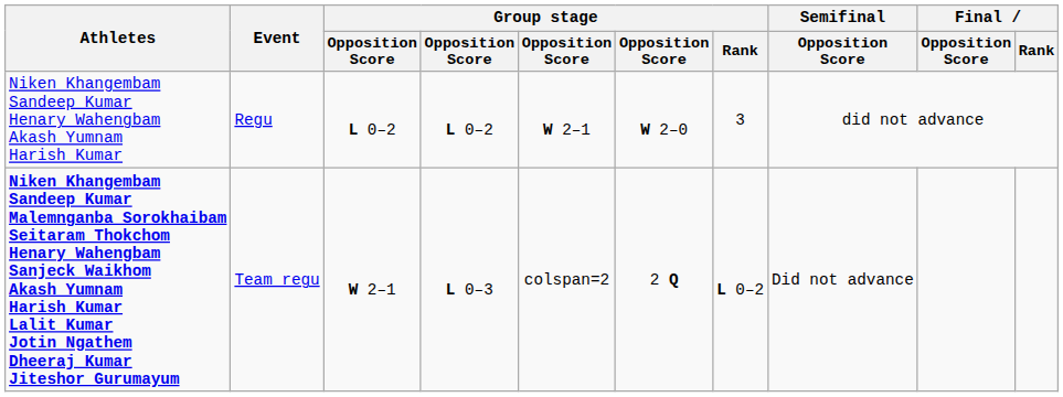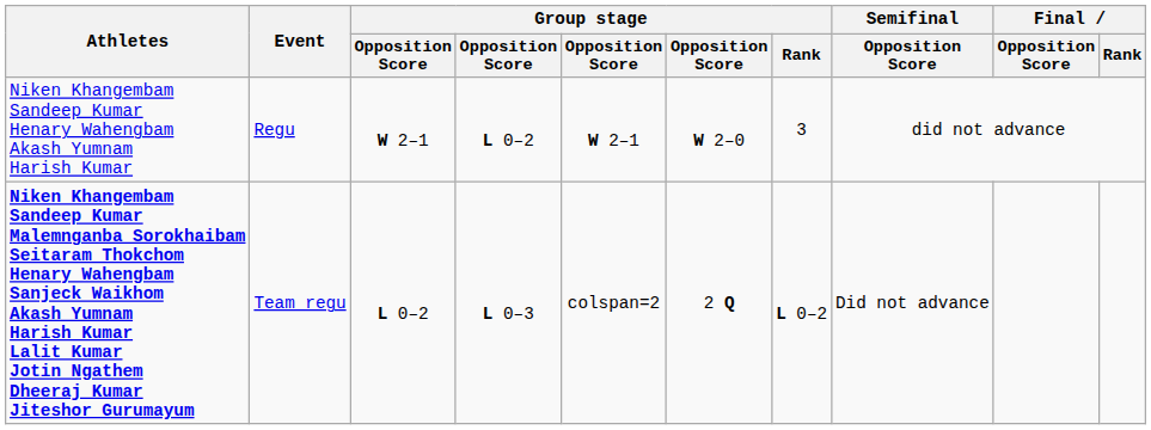 <table class=wikitable style=font-size:88%;text-align:center>
 <tr>
 <th rowspan=2>Athletes</th>
 <th rowspan=2>Event</th>
 <th colspan=5>Group stage</th>
 <th>Semifinal</th>
 <th colspan=2>Final / </th>
 </tr>
 <tr style=font-size:95%>
 <th>Opposition<br>Score</th>
 <th>Opposition<br>Score</th>
 <th>Opposition<br>Score</th>
 <th>Opposition<br>Score</th>
 <th>Rank</th>
 <th>Opposition<br>Score</th>
 <th>Opposition<br>Score</th>
 <th>Rank</th>
 </tr>
 <tr>
 <td align=left><a href='#'>Niken Khangembam</a><br><a href='#'>Sandeep Kumar</a><br><a href='#'>Henary Wahengbam</a><br><a href='#'>Akash Yumnam</a><br><a href='#'>Harish Kumar</a></td>
 <td align=left><a href='#'>Regu</a></td>
-<td><br><strong>L</strong> 0–2</td>
+<td><br><strong>W</strong> 2–1</td>
 <td><br><strong>L</strong> 0–2</td>
 <td><br><strong>W</strong> 2–1</td>
 <td><br><strong>W</strong> 2–0</td>
 <td>3</td>
 <td colspan=3>did not advance</td>
 </tr>
 <tr>
 <td align=left><strong><a href='#'>Niken Khangembam</a><br><a href='#'>Sandeep Kumar</a><br><a href='#'>Malemnganba Sorokhaibam</a><br><a href='#'>Seitaram Thokchom</a><br><a href='#'>Henary Wahengbam</a><br><a href='#'>Sanjeck Waikhom</a><br><a href='#'>Akash Yumnam</a><br><a href='#'>Harish Kumar</a><br><a href='#'>Lalit Kumar</a><br><a href='#'>Jotin Ngathem</a><br><a href='#'>Dheeraj Kumar</a><br><a href='#'>Jiteshor Gurumayum</a></strong></td>
 <td align=left><a href='#'>Team regu</a></td>
-<td><br><strong>W</strong> 2–1</td>
+<td><br><strong>L</strong> 0–2</td>
 <td><br><strong>L</strong> 0–3</td>
 <td>colspan=2 </td>
 <td>2 <strong>Q</strong></td>
 <td><br><strong>L</strong> 0–2</td>
 <td>Did not advance</td>
 <td></td>
 </tr>
 </table>
